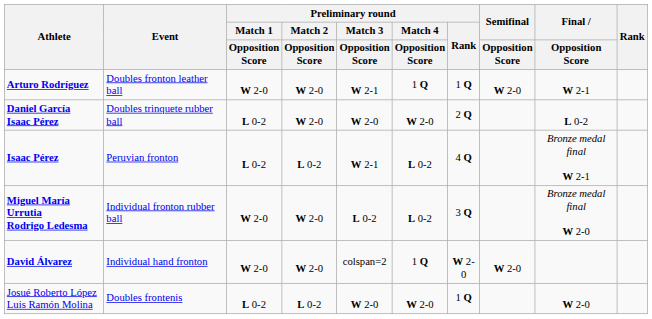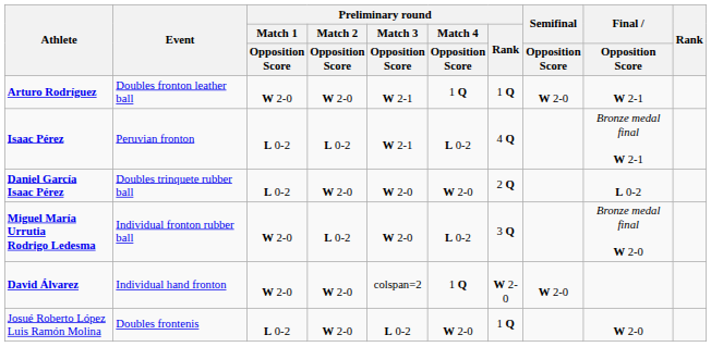 <table class="wikitable" border="1" style="font-size:90%">
 <tr>
 <th rowspan=3>Athlete</th>
 <th rowspan=3>Event</th>
 <th colspan=5>Preliminary round</th>
 <th rowspan=2>Semifinal</th>
 <th rowspan=2>Final / </th>
 <th rowspan=3>Rank</th>
 </tr>
 <tr>
 <th>Match 1</th>
 <th>Match 2</th>
 <th>Match 3</th>
 <th>Match 4</th>
 <th rowspan=2>Rank</th>
 </tr>
 <tr>
 <th>Opposition<br>Score</th>
 <th>Opposition<br>Score</th>
 <th>Opposition<br>Score</th>
 <th>Opposition<br>Score</th>
 <th>Opposition<br>Score</th>
 <th>Opposition<br>Score</th>
 </tr>
 <tr align=center>
 <td align=left><strong><a href='#'>Arturo Rodríguez</a></strong></td>
 <td align=left><a href='#'>Doubles fronton leather ball</a></td>
 <td><br><strong>W</strong> 2-0</td>
 <td><br><strong>W</strong> 2-0</td>
 <td><br><strong>W</strong> 2-1</td>
 <td>1 <strong>Q</strong></td>
 <td>1 <strong>Q</strong></td>
 <td><br><strong>W</strong> 2-0</td>
 <td><br><strong>W</strong> 2-1</td>
 <td></td>
 </tr>
 <tr align=center>
+<td align=left><strong><a href='#'>Isaac Pérez</a></strong></td>
+<td align=left><a href='#'>Peruvian fronton</a></td>
+<td><br><strong>L</strong> 0-2</td>
+<td><br><strong>L</strong> 0-2</td>
+<td><br><strong>W</strong> 2-1</td>
+<td><br><strong>L</strong> 0-2</td>
+<td>4 <strong>Q</strong></td>
+<td></td>
+<td><em>Bronze medal final</em><br><br><strong>W</strong> 2-1</td>
+<td></td>
+</tr>
+<tr align=center>
 <td align=left><strong><a href='#'>Daniel García</a><br><a href='#'>Isaac Pérez</a></strong></td>
 <td align=left><a href='#'>Doubles trinquete rubber ball</a></td>
 <td><br><strong>L</strong> 0-2</td>
 <td><br><strong>W</strong> 2-0</td>
 <td><br><strong>W</strong> 2-0</td>
 <td><br><strong>W</strong> 2-0</td>
 <td>2 <strong>Q</strong></td>
 <td></td>
 <td><br><strong>L</strong> 0-2</td>
 <td></td>
 </tr>
 <tr align=center>
-<td align=left><strong><a href='#'>Isaac Pérez</a></strong></td>
-<td align=left><a href='#'>Peruvian fronton</a></td>
-<td><br><strong>L</strong> 0-2</td>
-<td><br><strong>L</strong> 0-2</td>
-<td><br><strong>W</strong> 2-1</td>
-<td><br><strong>L</strong> 0-2</td>
-<td>4 <strong>Q</strong></td>
-<td></td>
-<td><em>Bronze medal final</em><br><br><strong>W</strong> 2-1</td>
-<td></td>
-</tr>
-<tr align=center>
 <td align=left><strong><a href='#'>Miguel María Urrutia</a><br><a href='#'>Rodrigo Ledesma</a></strong></td>
 <td align=left><a href='#'>Individual fronton rubber ball</a></td>
 <td><br><strong>W</strong> 2-0</td>
+<td><br><strong>L</strong> 0-2</td>
 <td><br><strong>W</strong> 2-0</td>
-<td><br><strong>L</strong> 0-2</td>
 <td><br><strong>L</strong> 0-2</td>
 <td>3 <strong>Q</strong></td>
 <td></td>
 <td><em>Bronze medal final</em><br><br><strong>W</strong> 2-0</td>
 <td></td>
 </tr>
 <tr align=center>
 <td align=left><strong><a href='#'>David Álvarez</a></strong></td>
 <td align=left><a href='#'>Individual hand fronton</a></td>
 <td><br><strong>W</strong> 2-0</td>
 <td><br><strong>W</strong> 2-0</td>
 <td>colspan=2 </td>
 <td>1 <strong>Q</strong></td>
 <td><br><strong>W</strong> 2-0</td>
 <td><br><strong>W</strong> 2-0</td>
 <td></td>
 </tr>
 <tr align=center>
 <td align=left><a href='#'>Josué Roberto López</a><br><a href='#'>Luis Ramón Molina</a></td>
 <td align=left><a href='#'>Doubles frontenis</a></td>
 <td><br><strong>L</strong> 0-2</td>
+<td><br><strong>W</strong> 2-0</td>
 <td><br><strong>L</strong> 0-2</td>
-<td><br><strong>W</strong> 2-0</td>
 <td><br><strong>W</strong> 2-0</td>
 <td>1 <strong>Q</strong></td>
 <td></td>
 <td><br><strong>W</strong> 2-0</td>
 <td></td>
 </tr>
 </table>
